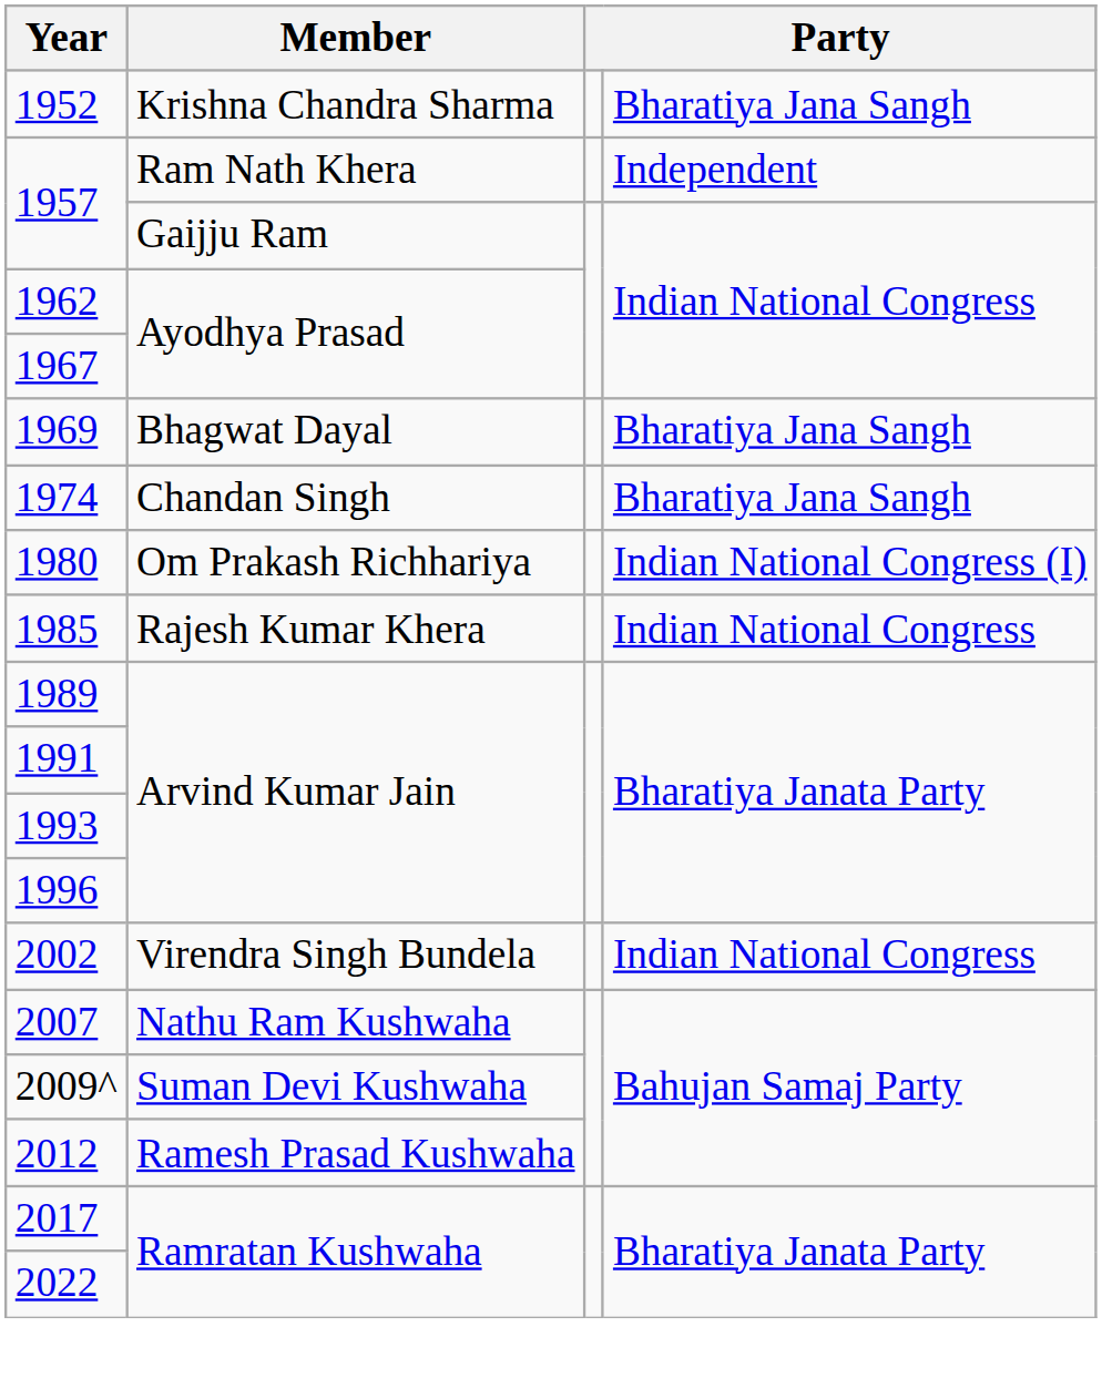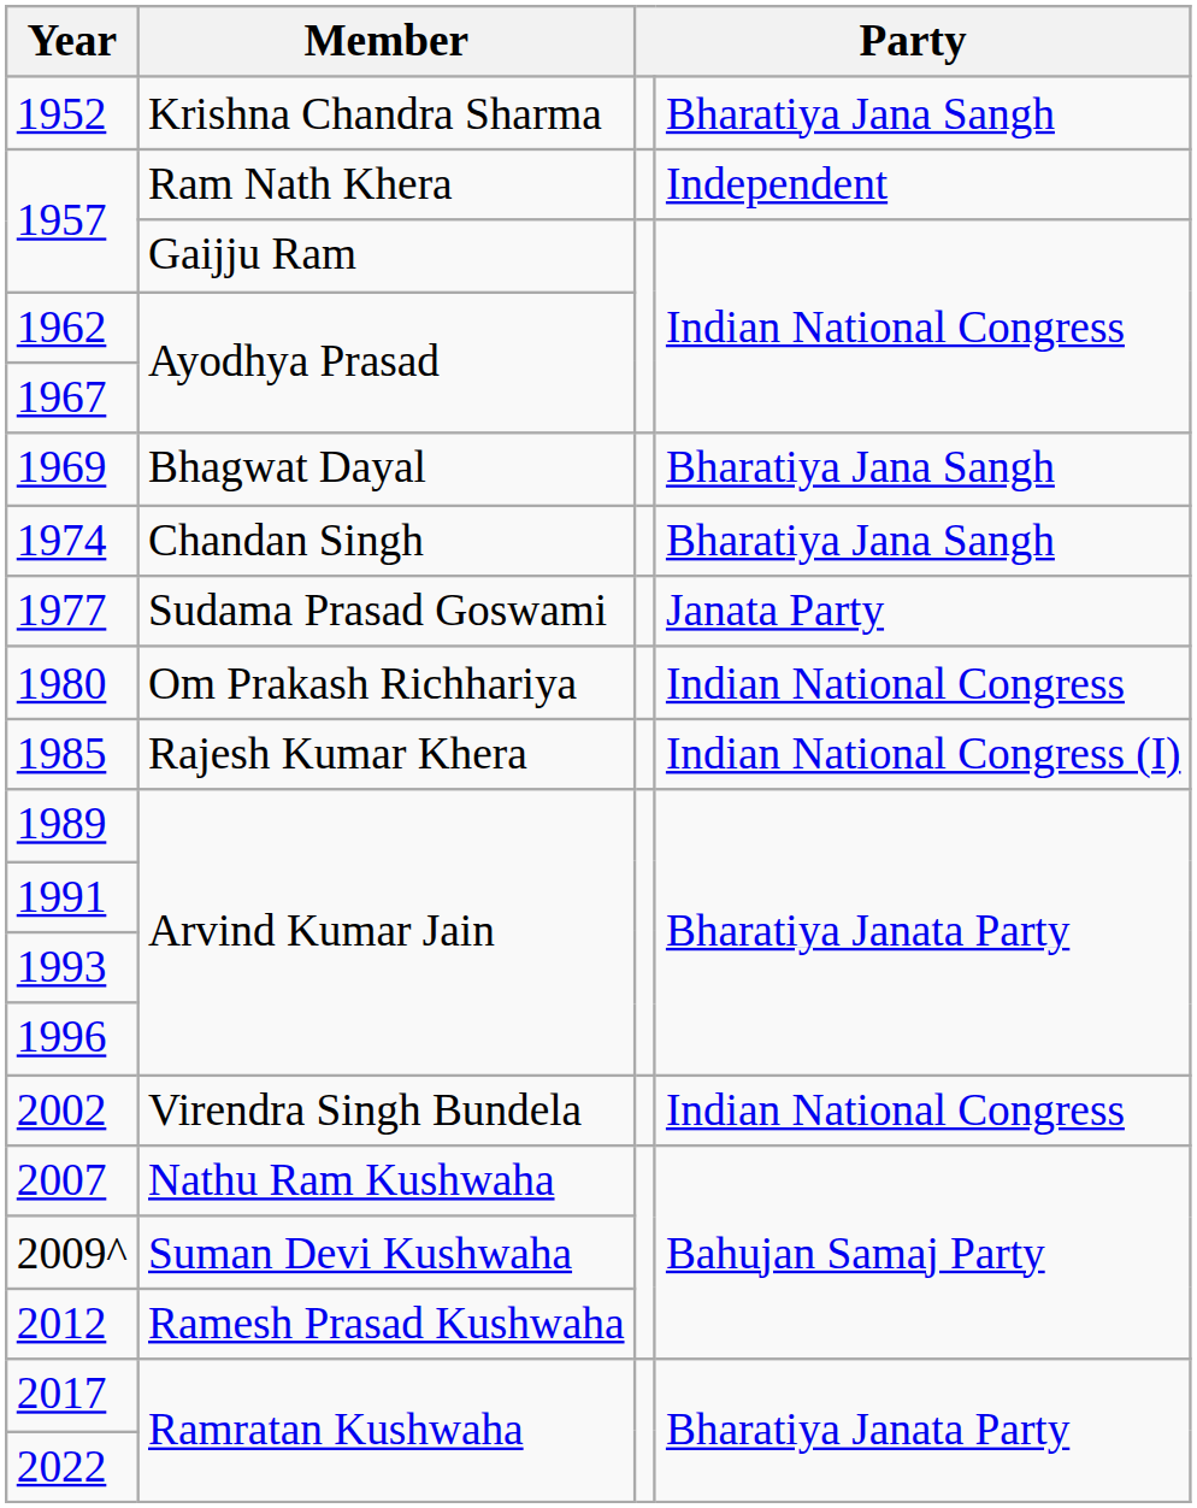 <table class="wikitable">
 <tr>
 <th>Year</th>
 <th>Member</th>
 <th colspan="2">Party</th>
 </tr>
 <tr>
 <td><a href='#'>1952</a></td>
 <td>Krishna Chandra Sharma</td>
 <td style="background-color: "></td>
 <td><a href='#'>Bharatiya Jana Sangh</a></td>
 </tr>
 <tr>
 <td rowspan="2"><a href='#'>1957</a></td>
 <td>Ram Nath Khera</td>
 <td style="background-color: "></td>
 <td><a href='#'>Independent</a></td>
 </tr>
 <tr>
 <td>Gaijju Ram</td>
 <td rowspan="3" style="background-color: "></td>
 <td rowspan="3"><a href='#'>Indian National Congress</a></td>
 </tr>
 <tr>
 <td><a href='#'>1962</a></td>
 <td rowspan="2">Ayodhya Prasad</td>
 </tr>
 <tr>
 <td><a href='#'>1967</a></td>
 </tr>
 <tr>
 <td><a href='#'>1969</a></td>
 <td>Bhagwat Dayal</td>
 <td style="background-color: "></td>
 <td><a href='#'>Bharatiya Jana Sangh</a></td>
 </tr>
 <tr>
 <td><a href='#'>1974</a></td>
 <td>Chandan Singh</td>
 <td style="background-color: "></td>
 <td><a href='#'>Bharatiya Jana Sangh</a></td>
 </tr>
 <tr>
+<td><a href='#'>1977</a></td>
+<td>Sudama Prasad Goswami</td>
+<td style="background-color: "></td>
+<td><a href='#'>Janata Party</a></td>
+</tr>
+<tr>
 <td><a href='#'>1980</a></td>
 <td>Om Prakash Richhariya</td>
 <td style="background-color: "></td>
-<td><a href='#'>Indian National Congress (I)</a></td>
+<td><a href='#'>Indian National Congress</a></td>
 </tr>
 <tr>
 <td><a href='#'>1985</a></td>
 <td>Rajesh Kumar Khera</td>
 <td style="background-color: "></td>
-<td><a href='#'>Indian National Congress</a></td>
+<td><a href='#'>Indian National Congress (I)</a></td>
 </tr>
 <tr>
 <td><a href='#'>1989</a></td>
 <td rowspan="4">Arvind Kumar Jain</td>
 <td rowspan="4" style="background-color: "></td>
 <td rowspan="4"><a href='#'>Bharatiya Janata Party</a></td>
 </tr>
 <tr>
 <td><a href='#'>1991</a></td>
 </tr>
 <tr>
 <td><a href='#'>1993</a></td>
 </tr>
 <tr>
 <td><a href='#'>1996</a></td>
 </tr>
 <tr>
 <td><a href='#'>2002</a></td>
 <td>Virendra Singh Bundela</td>
 <td style="background-color: "></td>
 <td><a href='#'>Indian National Congress</a></td>
 </tr>
 <tr>
 <td><a href='#'>2007</a></td>
 <td><a href='#'>Nathu Ram Kushwaha</a></td>
 <td rowspan="3" style="background-color: "></td>
 <td rowspan="3"><a href='#'>Bahujan Samaj Party</a></td>
 </tr>
 <tr>
 <td>2009^</td>
 <td><a href='#'>Suman Devi Kushwaha</a></td>
 </tr>
 <tr>
 <td><a href='#'>2012</a></td>
 <td><a href='#'>Ramesh Prasad Kushwaha</a></td>
 </tr>
 <tr>
 <td><a href='#'>2017</a></td>
 <td rowspan="2"><a href='#'>Ramratan Kushwaha</a></td>
 <td rowspan="2" style="background-color: "></td>
 <td rowspan="2"><a href='#'>Bharatiya Janata Party</a></td>
 </tr>
 <tr>
 <td><a href='#'>2022</a></td>
 </tr>
 </table>
